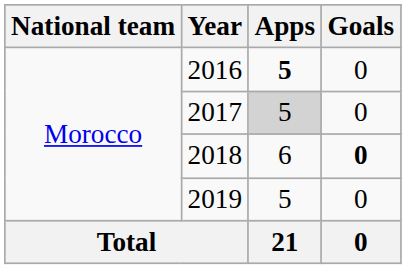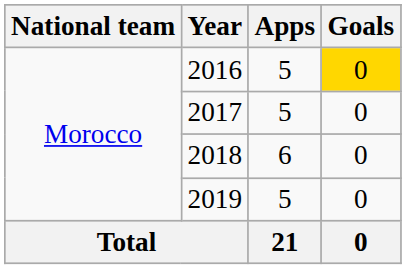 <table class="wikitable" style="text-align:center">
 <tr>
 <th>National team</th>
 <th>Year</th>
 <th>Apps</th>
 <th>Goals</th>
 </tr>
 <tr>
 <td rowspan="4"><a href='#'>Morocco</a></td>
 <td>2016</td>
-<td><strong>5</strong></td>
-<td>0</td>
+<td>5</td>
+<td style="background: gold;">0</td>
 </tr>
 <tr>
 <td>2017</td>
-<td style="background: lightgrey;">5</td>
+<td>5</td>
 <td>0</td>
 </tr>
 <tr>
 <td>2018</td>
 <td>6</td>
-<td><strong>0</strong></td>
+<td>0</td>
 </tr>
 <tr>
 <td>2019</td>
 <td>5</td>
 <td>0</td>
 </tr>
 <tr>
 <th colspan="2">Total</th>
 <th>21</th>
 <th>0</th>
 </tr>
 </table>
